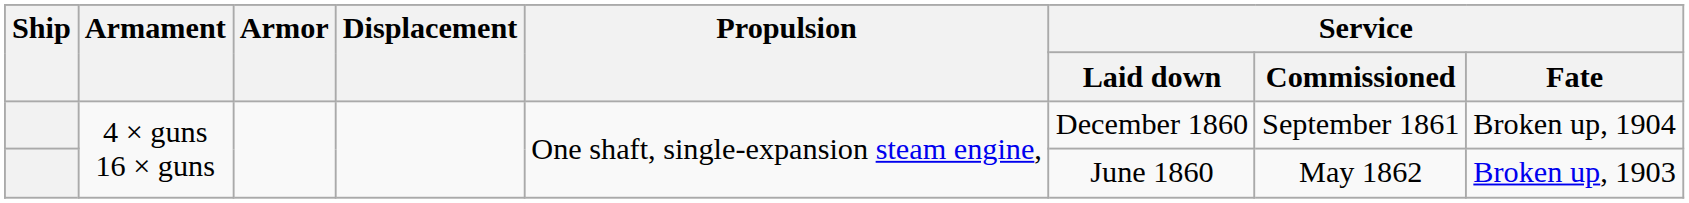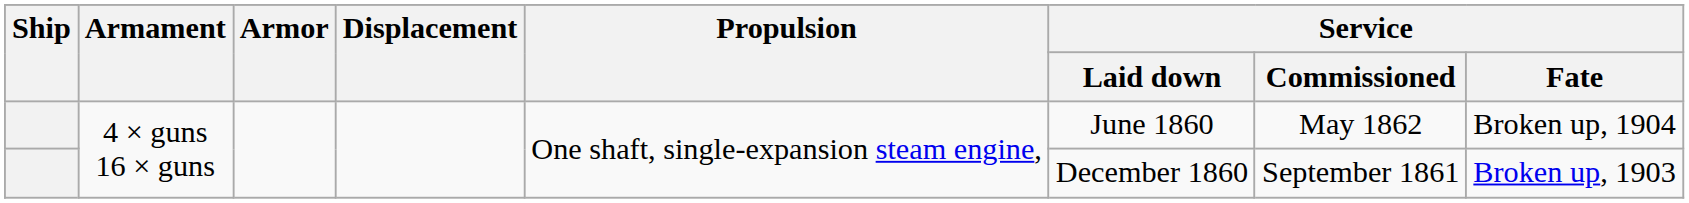 <table class="wikitable plainrowheaders" style="text-align: center;">
 <tr valign="top">
 <th scope="col" rowspan="2">Ship</th>
 <th scope="col" rowspan="2">Armament</th>
 <th scope="col" rowspan="2">Armor</th>
 <th scope="col" rowspan="2">Displacement</th>
 <th scope="col" rowspan="2">Propulsion</th>
 <th scope="col" colspan="3">Service</th>
 </tr>
 <tr valign="top">
 <th scope="col">Laid down</th>
 <th scope="col">Commissioned</th>
 <th scope="col">Fate</th>
 </tr>
 <tr valign="center">
 <th scope="row"></th>
 <td rowspan="2">4 ×  guns<br>16 ×  guns</td>
 <td rowspan="2"></td>
 <td rowspan="2"></td>
 <td rowspan="2">One shaft, single-expansion <a href='#'>steam engine</a>, </td>
-<td>December 1860</td>
-<td>September 1861</td>
+<td>June 1860</td>
+<td>May 1862</td>
 <td>Broken up, 1904</td>
 </tr>
 <tr valign="center">
 <th scope="row"></th>
-<td>June 1860</td>
-<td>May 1862</td>
+<td>December 1860</td>
+<td>September 1861</td>
 <td><a href='#'>Broken up</a>, 1903</td>
 </tr>
 </table>
